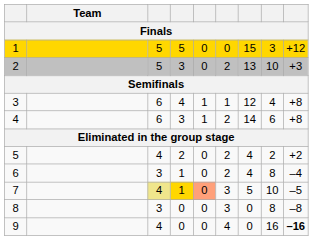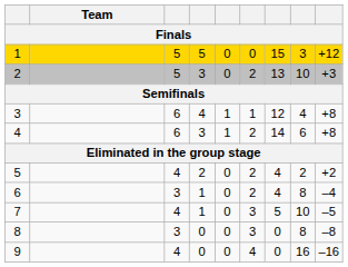 <table class="wikitable" style="text-align:center;">
 <tr>
 <th width="25"></th>
 <th width="165">Team</th>
 <th width="25"></th>
 <th width="25"></th>
 <th width="25"></th>
 <th width="25"></th>
 <th width="25"></th>
 <th width="25"></th>
 <th width="25"></th>
 </tr>
 <tr>
 <th colspan=10>Finals</th>
 </tr>
 <tr style="background:gold;">
 <td>1</td>
 <td align=left></td>
 <td>5</td>
 <td>5</td>
 <td>0</td>
 <td>0</td>
 <td>15</td>
 <td>3</td>
 <td>+12</td>
 </tr>
 <tr style="background:silver;">
 <td>2</td>
 <td align=left></td>
 <td>5</td>
 <td>3</td>
 <td>0</td>
 <td>2</td>
 <td>13</td>
 <td>10</td>
 <td>+3</td>
 </tr>
 <tr>
 <th colspan=10>Semifinals</th>
 </tr>
 <tr style="background:bronze;">
 <td>3</td>
 <td align=left></td>
 <td>6</td>
 <td>4</td>
 <td>1</td>
 <td>1</td>
 <td>12</td>
 <td>4</td>
 <td>+8</td>
 </tr>
 <tr style=>
 <td>4</td>
 <td align=left></td>
 <td>6</td>
 <td>3</td>
 <td>1</td>
 <td>2</td>
 <td>14</td>
 <td>6</td>
 <td>+8</td>
 </tr>
 <tr>
 <th colspan=10>Eliminated in the group stage</th>
 </tr>
 <tr>
 <td>5</td>
 <td align=left></td>
 <td>4</td>
 <td>2</td>
 <td>0</td>
 <td>2</td>
 <td>4</td>
 <td>2</td>
 <td>+2</td>
 </tr>
 <tr>
 <td>6</td>
 <td align=left></td>
 <td>3</td>
 <td>1</td>
 <td>0</td>
 <td>2</td>
 <td>4</td>
 <td>8</td>
 <td>–4</td>
 </tr>
 <tr>
 <td>7</td>
 <td align=left></td>
-<td style="background: khaki;">4</td>
-<td style="background: gold;">1</td>
-<td style="background: lightsalmon;">0</td>
+<td>4</td>
+<td>1</td>
+<td>0</td>
 <td>3</td>
 <td>5</td>
 <td>10</td>
 <td>–5</td>
 </tr>
 <tr>
 <td>8</td>
 <td align=left></td>
 <td>3</td>
 <td>0</td>
 <td>0</td>
 <td>3</td>
 <td>0</td>
 <td>8</td>
 <td>–8</td>
 </tr>
 <tr>
 <td>9</td>
 <td align=left></td>
 <td>4</td>
 <td>0</td>
 <td>0</td>
 <td>4</td>
 <td>0</td>
 <td>16</td>
-<td><strong>–16</strong></td>
+<td>–16</td>
 </tr>
 </table>
